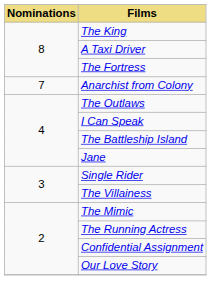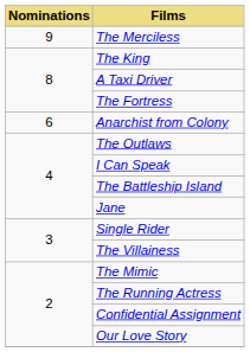 <table class="wikitable" align="center" |>
 <tr>
 <th style="background:#EEDD82;" ! align="center">Nominations</th>
 <th style="background:#EEDD82;" ! align="center">Films</th>
+</tr>
+<tr>
+<td style="text-align:center">9</td>
+<td><em><a href='#'>The Merciless</a></em></td>
 </tr>
 <tr>
 <td rowspan="3" style="text-align:center">8</td>
 <td><em><a href='#'>The King</a></em></td>
 </tr>
 <tr>
 <td><em><a href='#'>A Taxi Driver</a></em></td>
 </tr>
 <tr>
 <td><em><a href='#'>The Fortress</a></em></td>
 </tr>
 <tr>
-<td style="text-align:center">7</td>
+<td style="text-align:center">6</td>
 <td><em><a href='#'>Anarchist from Colony</a></em></td>
 </tr>
 <tr>
 <td rowspan="4" style="text-align:center">4</td>
 <td><em><a href='#'>The Outlaws</a></em></td>
 </tr>
 <tr>
 <td><em><a href='#'>I Can Speak</a></em></td>
 </tr>
 <tr>
 <td><em><a href='#'>The Battleship Island</a></em></td>
 </tr>
 <tr>
 <td><em><a href='#'>Jane</a></em></td>
 </tr>
 <tr>
 <td rowspan="2" style="text-align:center">3</td>
 <td><em><a href='#'>Single Rider</a></em></td>
 </tr>
 <tr>
 <td><em><a href='#'>The Villainess</a></em></td>
 </tr>
 <tr>
 <td rowspan="4" style="text-align:center">2</td>
 <td><em><a href='#'>The Mimic</a></em></td>
 </tr>
 <tr>
 <td><em><a href='#'>The Running Actress</a></em></td>
 </tr>
 <tr>
 <td><em><a href='#'>Confidential Assignment</a></em></td>
 </tr>
 <tr>
 <td><em><a href='#'>Our Love Story</a></em></td>
 </tr>
 <tr>
 </tr>
 </table>
